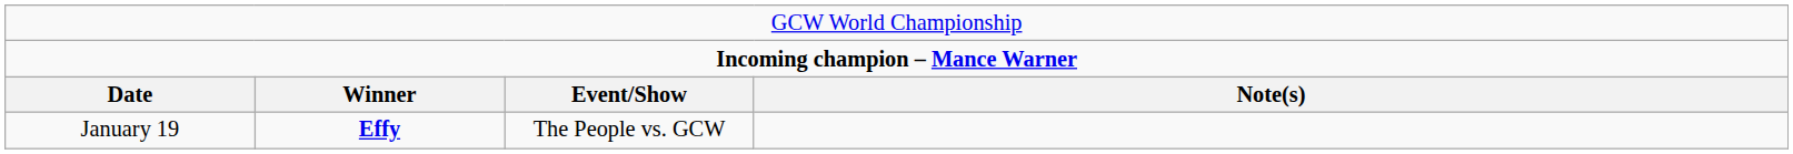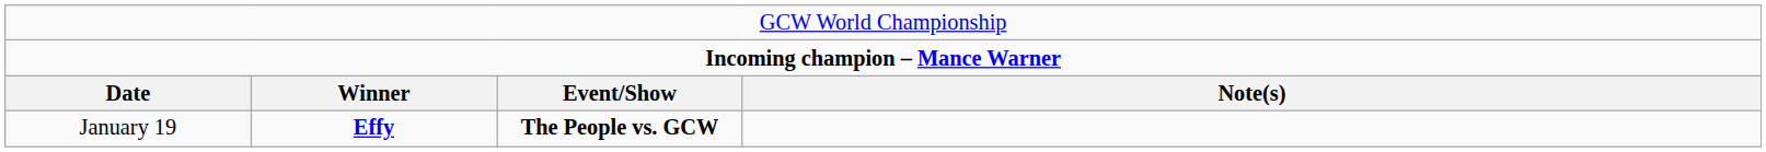 <table class="wikitable" style="text-align:center; width:100%;">
 <tr>
 <td colspan="4" style="text-align: center;"><a href='#'>GCW World Championship</a></td>
 </tr>
 <tr>
 <td colspan="4" style="text-align: center;"><strong>Incoming champion – <a href='#'>Mance Warner</a></strong></td>
 </tr>
 <tr>
 <th width=14%>Date</th>
 <th width=14%>Winner</th>
 <th width=14%>Event/Show</th>
 <th width=58%>Note(s)</th>
 </tr>
 <tr>
 <td>January 19</td>
 <td><strong><a href='#'>Effy</a></strong></td>
-<td>The People vs. GCW</td>
+<td><strong>The People vs. GCW</strong></td>
 <td></td>
 </tr>
 </table>
